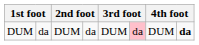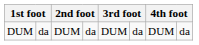 <table class="wikitable" style="text-align: center">
 <tr>
 <th colspan=2>1st foot</th>
 <th colspan=2>2nd foot</th>
 <th colspan=2>3rd foot</th>
 <th colspan=2>4th foot</th>
 </tr>
 <tr>
 <td>DUM</td>
 <td>da</td>
 <td>DUM</td>
 <td>da</td>
 <td>DUM</td>
-<td style="background: pink;">da</td>
+<td>da</td>
 <td>DUM</td>
-<td><strong>da</strong></td>
+<td>da</td>
 </tr>
 </table>
